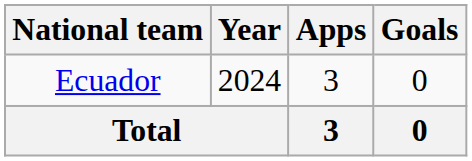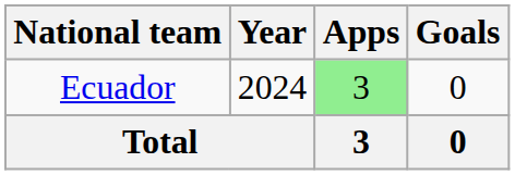 <table class="wikitable" style="text-align:center">
 <tr>
 <th>National team</th>
 <th>Year</th>
 <th>Apps</th>
 <th>Goals</th>
 </tr>
 <tr>
 <td rowspan="1"><a href='#'>Ecuador</a></td>
 <td>2024</td>
-<td>3</td>
+<td style="background: lightgreen;">3</td>
 <td>0</td>
 </tr>
 <tr>
 <th colspan="2">Total</th>
 <th>3</th>
 <th>0</th>
 </tr>
 </table>
